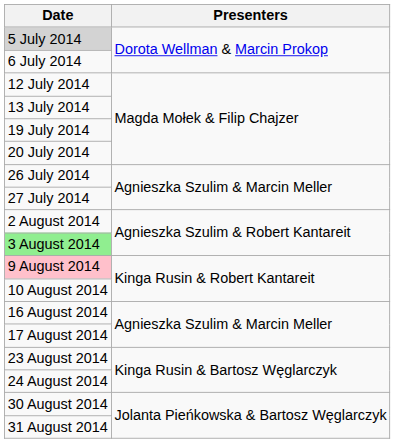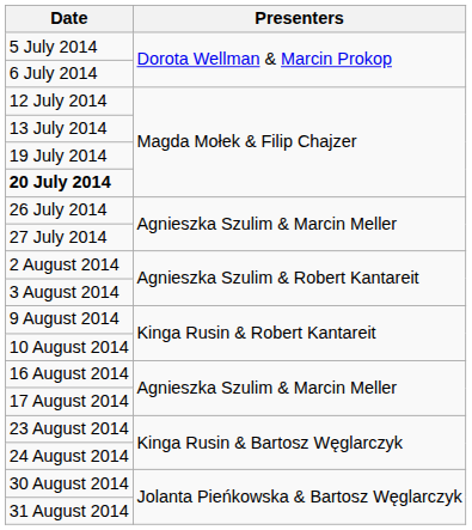 <table class="wikitable" style="font-size:100%;">
 <tr>
 <th>Date</th>
 <th>Presenters</th>
 </tr>
 <tr>
-<td style="background: lightgrey;">5 July 2014</td>
+<td>5 July 2014</td>
 <td rowspan=2><a href='#'>Dorota Wellman</a> & <a href='#'>Marcin Prokop</a></td>
 </tr>
 <tr>
 <td>6 July 2014</td>
 </tr>
 <tr>
 <td>12 July 2014</td>
 <td rowspan=4>Magda Mołek & Filip Chajzer</td>
 </tr>
 <tr>
 <td>13 July 2014</td>
 </tr>
 <tr>
 <td>19 July 2014</td>
 </tr>
 <tr>
-<td>20 July 2014</td>
+<td><strong>20 July 2014</strong></td>
 </tr>
 <tr>
 <td>26 July 2014</td>
 <td rowspan=2>Agnieszka Szulim & Marcin Meller</td>
 </tr>
 <tr>
 <td>27 July 2014</td>
 </tr>
 <tr>
 <td>2 August 2014</td>
 <td rowspan=2>Agnieszka Szulim & Robert Kantareit</td>
 </tr>
 <tr>
-<td style="background: lightgreen;">3 August 2014</td>
+<td>3 August 2014</td>
 </tr>
 <tr>
-<td style="background: pink;">9 August 2014</td>
+<td>9 August 2014</td>
 <td rowspan=2>Kinga Rusin & Robert Kantareit</td>
 </tr>
 <tr>
 <td>10 August 2014</td>
 </tr>
 <tr>
 <td>16 August 2014</td>
 <td rowspan=2>Agnieszka Szulim & Marcin Meller</td>
 </tr>
 <tr>
 <td>17 August 2014</td>
 </tr>
 <tr>
 <td>23 August 2014</td>
 <td rowspan=2>Kinga Rusin & Bartosz Węglarczyk</td>
 </tr>
 <tr>
 <td>24 August 2014</td>
 </tr>
 <tr>
 <td>30 August 2014</td>
 <td rowspan=2>Jolanta Pieńkowska & Bartosz Węglarczyk</td>
 </tr>
 <tr>
 <td>31 August 2014</td>
 </tr>
 </table>
